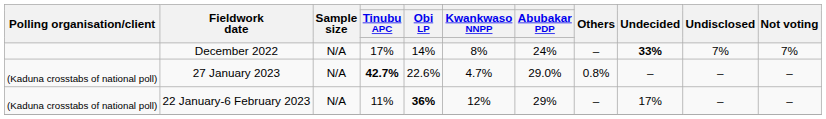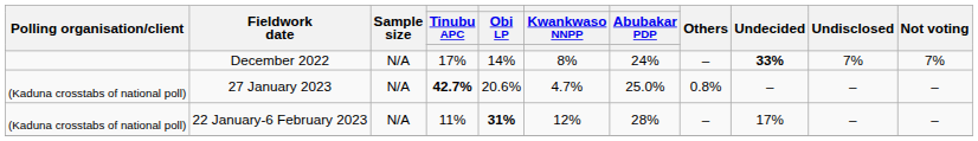 <table class="wikitable" style="text-align:center;font-size:95%;line-height:14px;">
 <tr>
 <th rowspan="3">Polling organisation/client</th>
 <th rowspan="3">Fieldwork<br>date</th>
 <th rowspan="3">Sample<br>size</th>
 <th></th>
 <th></th>
 <th></th>
 <th></th>
 <th rowspan="3">Others</th>
 <th rowspan="3">Undecided</th>
 <th rowspan="3">Undisclosed</th>
 <th rowspan="3">Not voting</th>
 </tr>
 <tr>
 <th><a href='#'>Tinubu</a><br><small><a href='#'>APC</a></small></th>
 <th><a href='#'>Obi</a><br><small><a href='#'>LP</a></small></th>
 <th><a href='#'>Kwankwaso</a><br><small><a href='#'>NNPP</a></small></th>
 <th><a href='#'>Abubakar</a><br><small><a href='#'>PDP</a></small></th>
 </tr>
 <tr>
 <th style="background:"></th>
 <th style="background:"></th>
 <th style="background:"></th>
 <th style="background:"></th>
 </tr>
 <tr>
 <td></td>
 <td>December 2022</td>
 <td>N/A</td>
 <td>17%</td>
 <td>14%</td>
 <td>8%</td>
 <td>24%</td>
 <td>–</td>
 <td><strong>33%</strong></td>
 <td>7%</td>
 <td>7%</td>
 </tr>
 <tr>
 <td><br><small>(Kaduna crosstabs of national poll)</small></td>
 <td>27 January 2023</td>
 <td>N/A</td>
 <td><strong>42.7%</strong></td>
-<td>22.6%</td>
+<td>20.6%</td>
 <td>4.7%</td>
-<td>29.0%</td>
+<td>25.0%</td>
 <td>0.8%</td>
 <td>–</td>
 <td>–</td>
 <td>–</td>
 </tr>
 <tr>
 <td><br><small>(Kaduna crosstabs of national poll)</small></td>
 <td>22 January-6 February 2023</td>
 <td>N/A</td>
 <td>11%</td>
-<td><strong>36%</strong></td>
+<td><strong>31%</strong></td>
 <td>12%</td>
-<td>29%</td>
+<td>28%</td>
 <td>–</td>
 <td>17%</td>
 <td>–</td>
 <td>–</td>
 </tr>
 <tr>
 </tr>
 </table>
